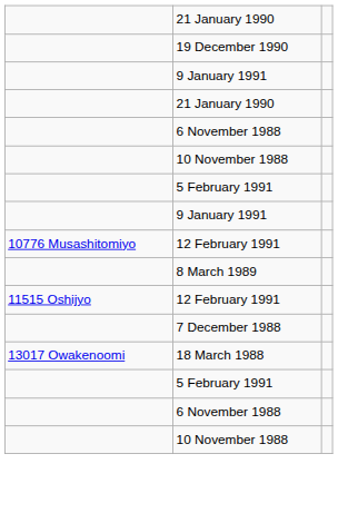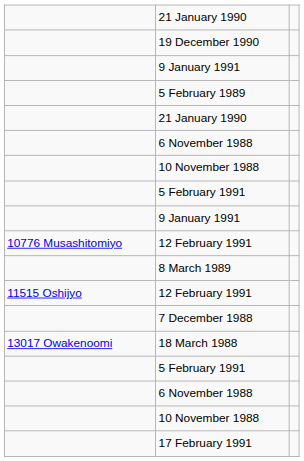 <table class="wikitable" style="font-size: 89%; float: left; width: 25em; margin-right: 1em; line-height: 1.65em !important; height: 486px;">
 <tr>
 <td></td>
 <td>21 January 1990</td>
 <td> </td>
 </tr>
 <tr>
 <td></td>
 <td>19 December 1990</td>
 <td> </td>
 </tr>
 <tr>
 <td></td>
 <td>9 January 1991</td>
+<td> </td>
+</tr>
+<tr>
+<td></td>
+<td>5 February 1989</td>
 <td> </td>
 </tr>
 <tr>
 <td></td>
 <td>21 January 1990</td>
 <td> </td>
 </tr>
 <tr>
 <td></td>
 <td>6 November 1988</td>
 <td> </td>
 </tr>
 <tr>
 <td></td>
 <td>10 November 1988</td>
 <td> </td>
 </tr>
 <tr>
 <td></td>
 <td>5 February 1991</td>
 <td> </td>
 </tr>
 <tr>
 <td></td>
 <td>9 January 1991</td>
 <td> </td>
 </tr>
 <tr>
 <td><a href='#'>10776 Musashitomiyo</a></td>
 <td>12 February 1991</td>
 <td> </td>
 </tr>
 <tr>
 <td></td>
 <td>8 March 1989</td>
 <td> </td>
 </tr>
 <tr>
 <td><a href='#'>11515 Oshijyo</a></td>
 <td>12 February 1991</td>
 <td> </td>
 </tr>
 <tr>
 <td></td>
 <td>7 December 1988</td>
 <td> </td>
 </tr>
 <tr>
 <td><a href='#'>13017 Owakenoomi</a></td>
 <td>18 March 1988</td>
 <td> </td>
 </tr>
 <tr>
 <td></td>
 <td>5 February 1991</td>
 <td> </td>
 </tr>
 <tr>
 <td></td>
 <td>6 November 1988</td>
 <td> </td>
 </tr>
 <tr>
 <td></td>
 <td>10 November 1988</td>
 <td> </td>
 </tr>
+<tr>
+<td></td>
+<td>17 February 1991</td>
+<td> </td>
+</tr>
 </table>
